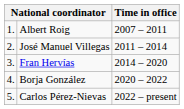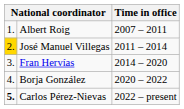 <table class="wikitable">
 <tr>
 <th colspan="2">National coordinator</th>
 <th>Time in office</th>
 </tr>
 <tr>
 <td>1.</td>
 <td>Albert Roig</td>
 <td>2007 – 2011</td>
 </tr>
 <tr>
-<td>2.</td>
+<td style="background: gold;">2.</td>
 <td>José Manuel Villegas</td>
 <td>2011 – 2014</td>
 </tr>
 <tr>
 <td>3.</td>
 <td><a href='#'>Fran Hervías</a></td>
 <td>2014 – 2020</td>
 </tr>
 <tr>
 <td>4.</td>
 <td>Borja González</td>
 <td>2020 – 2022</td>
 </tr>
 <tr>
-<td>5.</td>
+<td><strong>5.</strong></td>
 <td>Carlos Pérez-Nievas</td>
 <td>2022 – present</td>
 </tr>
 </table>
